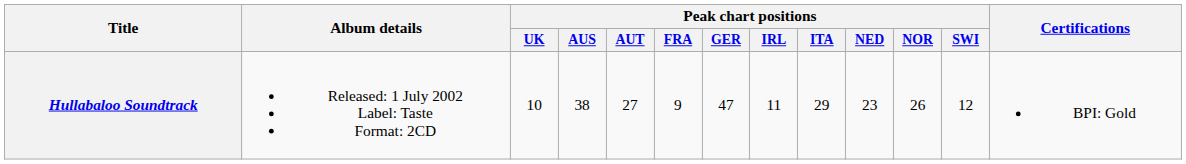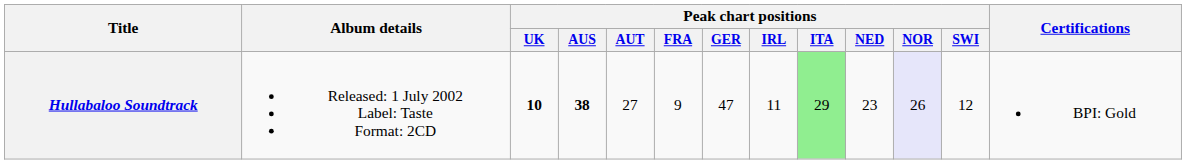 <table class="wikitable plainrowheaders" style="text-align:center;">
 <tr>
 <th scope="col" rowspan="2" style="width:15em;">Title</th>
 <th scope="col" rowspan="2" style="width:17em;">Album details</th>
 <th scope="col" colspan="10">Peak chart positions</th>
 <th scope="col" rowspan="2" style="width:12em;"><a href='#'>Certifications</a></th>
 </tr>
 <tr>
 <th scope="col" style="width:3em;font-size:90%;"><a href='#'>UK</a><br></th>
 <th scope="col" style="width:3em;font-size:90%;"><a href='#'>AUS</a><br></th>
 <th scope="col" style="width:3em;font-size:90%;"><a href='#'>AUT</a><br></th>
 <th scope="col" style="width:3em;font-size:90%;"><a href='#'>FRA</a><br></th>
 <th scope="col" style="width:3em;font-size:90%;"><a href='#'>GER</a><br></th>
 <th scope="col" style="width:3em;font-size:90%;"><a href='#'>IRL</a><br></th>
 <th scope="col" style="width:3em;font-size:90%;"><a href='#'>ITA</a><br></th>
 <th scope="col" style="width:3em;font-size:90%;"><a href='#'>NED</a><br></th>
 <th scope="col" style="width:3em;font-size:90%;"><a href='#'>NOR</a><br></th>
 <th scope="col" style="width:3em;font-size:90%;"><a href='#'>SWI</a><br></th>
 </tr>
 <tr>
 <th scope="row"><em><a href='#'>Hullabaloo Soundtrack</a></em></th>
 <td><br><ul><li>Released: 1 July 2002</li><li>Label: Taste</li><li>Format: 2CD</li></ul></td>
-<td>10</td>
-<td>38</td>
+<td><strong>10</strong></td>
+<td><strong>38</strong></td>
 <td>27</td>
 <td>9</td>
 <td>47</td>
 <td>11</td>
-<td>29</td>
+<td style="background: lightgreen;">29</td>
 <td>23</td>
-<td>26</td>
+<td style="background: lavender;">26</td>
 <td>12</td>
 <td><br><ul><li>BPI: Gold</li></ul></td>
 </tr>
 </table>
